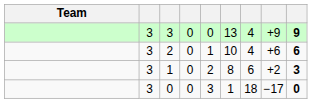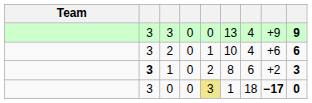 <table class="wikitable" style="text-align:center;">
 <tr>
 <th width="175">Team</th>
 <th width="20"></th>
 <th width="20"></th>
 <th width="20"></th>
 <th width="20"></th>
 <th width="20"></th>
 <th width="20"></th>
 <th width="20"></th>
 <th width="20"></th>
 </tr>
 <tr bgcolor=ccffcc>
 <td align=left></td>
 <td>3</td>
 <td>3</td>
 <td>0</td>
 <td>0</td>
 <td>13</td>
 <td>4</td>
 <td>+9</td>
 <td><strong>9</strong></td>
 </tr>
 <tr>
 <td align=left></td>
 <td>3</td>
 <td>2</td>
 <td>0</td>
 <td>1</td>
 <td>10</td>
 <td>4</td>
 <td>+6</td>
 <td><strong>6</strong></td>
 </tr>
 <tr>
 <td align=left></td>
-<td>3</td>
+<td><strong>3</strong></td>
 <td>1</td>
 <td>0</td>
 <td>2</td>
 <td>8</td>
 <td>6</td>
 <td>+2</td>
 <td><strong>3</strong></td>
 </tr>
 <tr>
 <td align=left></td>
 <td>3</td>
 <td>0</td>
 <td>0</td>
-<td>3</td>
+<td style="background: khaki;">3</td>
 <td>1</td>
 <td>18</td>
-<td>−17</td>
+<td><strong>−17</strong></td>
 <td><strong>0</strong></td>
 </tr>
 </table>
